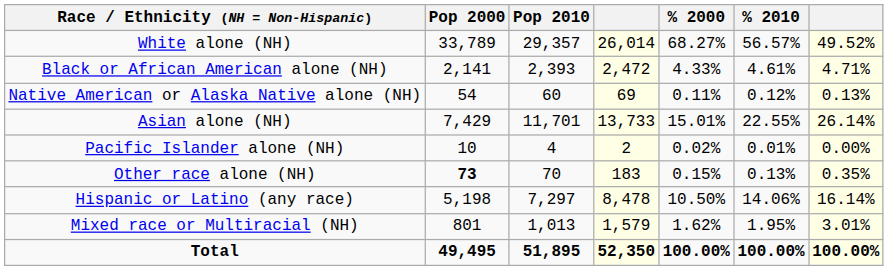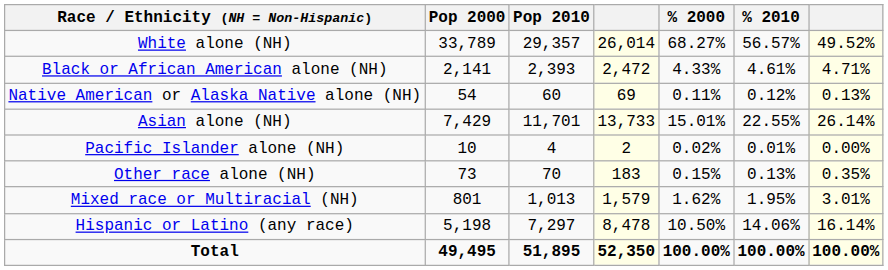 <table class="wikitable" style="text-align:center;">
 <tr>
 <th>Race / Ethnicity <small>(<em>NH = Non-Hispanic</em>)</small></th>
 <th>Pop 2000</th>
 <th>Pop 2010</th>
 <th></th>
 <th>% 2000</th>
 <th>% 2010</th>
 <th></th>
 </tr>
 <tr>
 <td><a href='#'>White</a> alone (NH)</td>
 <td>33,789</td>
 <td>29,357</td>
 <td style='background: #ffffe6;'>26,014</td>
 <td>68.27%</td>
 <td>56.57%</td>
 <td style='background: #ffffe6;'>49.52%</td>
 </tr>
 <tr>
 <td><a href='#'>Black or African American</a> alone (NH)</td>
 <td>2,141</td>
 <td>2,393</td>
 <td style='background: #ffffe6;'>2,472</td>
 <td>4.33%</td>
 <td>4.61%</td>
 <td style='background: #ffffe6;'>4.71%</td>
 </tr>
 <tr>
 <td><a href='#'>Native American</a> or <a href='#'>Alaska Native</a> alone (NH)</td>
 <td>54</td>
 <td>60</td>
 <td style='background: #ffffe6;'>69</td>
 <td>0.11%</td>
 <td>0.12%</td>
 <td style='background: #ffffe6;'>0.13%</td>
 </tr>
 <tr>
 <td><a href='#'>Asian</a> alone (NH)</td>
 <td>7,429</td>
 <td>11,701</td>
 <td style='background: #ffffe6;'>13,733</td>
 <td>15.01%</td>
 <td>22.55%</td>
 <td style='background: #ffffe6;'>26.14%</td>
 </tr>
 <tr>
 <td><a href='#'>Pacific Islander</a> alone (NH)</td>
 <td>10</td>
 <td>4</td>
 <td style='background: #ffffe6;'>2</td>
 <td>0.02%</td>
 <td>0.01%</td>
 <td style='background: #ffffe6;'>0.00%</td>
 </tr>
 <tr>
 <td><a href='#'>Other race</a> alone (NH)</td>
-<td><strong>73</strong></td>
+<td>73</td>
 <td>70</td>
 <td style='background: #ffffe6;'>183</td>
 <td>0.15%</td>
 <td>0.13%</td>
 <td style='background: #ffffe6;'>0.35%</td>
+</tr>
+<tr>
+<td><a href='#'>Mixed race or Multiracial</a> (NH)</td>
+<td>801</td>
+<td>1,013</td>
+<td style='background: #ffffe6;'>1,579</td>
+<td>1.62%</td>
+<td>1.95%</td>
+<td style='background: #ffffe6;'>3.01%</td>
 </tr>
 <tr>
 <td><a href='#'>Hispanic or Latino</a> (any race)</td>
 <td>5,198</td>
 <td>7,297</td>
 <td style='background: #ffffe6;'>8,478</td>
 <td>10.50%</td>
 <td>14.06%</td>
 <td style='background: #ffffe6;'>16.14%</td>
 </tr>
 <tr>
-<td><a href='#'>Mixed race or Multiracial</a> (NH)</td>
-<td>801</td>
-<td>1,013</td>
-<td style='background: #ffffe6;'>1,579</td>
-<td>1.62%</td>
-<td>1.95%</td>
-<td style='background: #ffffe6;'>3.01%</td>
-</tr>
-<tr>
 <td><strong>Total</strong></td>
 <td><strong>49,495</strong></td>
 <td><strong>51,895</strong></td>
 <td style='background: #ffffe6;'><strong>52,350</strong></td>
 <td><strong>100.00%</strong></td>
 <td><strong>100.00%</strong></td>
 <td style='background: #ffffe6;'><strong>100.00%</strong></td>
 </tr>
 </table>
